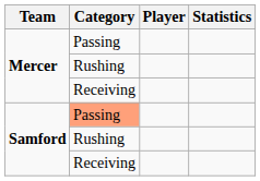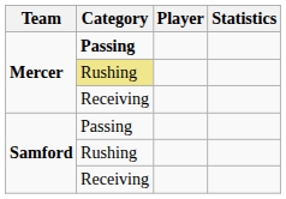 <table class="wikitable" style="float: right;">
 <tr>
 <th>Team</th>
 <th>Category</th>
 <th>Player</th>
 <th>Statistics</th>
 </tr>
 <tr>
 <td rowspan=3><strong>Mercer</strong></td>
+<td><strong>Passing</strong></td>
+<td></td>
+<td></td>
+</tr>
+<tr>
+<td style="background: khaki;">Rushing</td>
+<td></td>
+<td></td>
+</tr>
+<tr>
+<td>Receiving</td>
+<td></td>
+<td></td>
+</tr>
+<tr>
+<td rowspan=3><strong>Samford</strong></td>
 <td>Passing</td>
 <td></td>
 <td></td>
 </tr>
 <tr>
 <td>Rushing</td>
 <td></td>
 <td></td>
 </tr>
 <tr>
 <td>Receiving</td>
 <td></td>
 <td></td>
 </tr>
-<tr>
-<td rowspan=3><strong>Samford</strong></td>
-<td style="background: lightsalmon;">Passing</td>
-<td></td>
-<td></td>
-</tr>
-<tr>
-<td>Rushing</td>
-<td></td>
-<td></td>
-</tr>
-<tr>
-<td>Receiving</td>
-<td></td>
-<td></td>
-</tr>
 </table>
